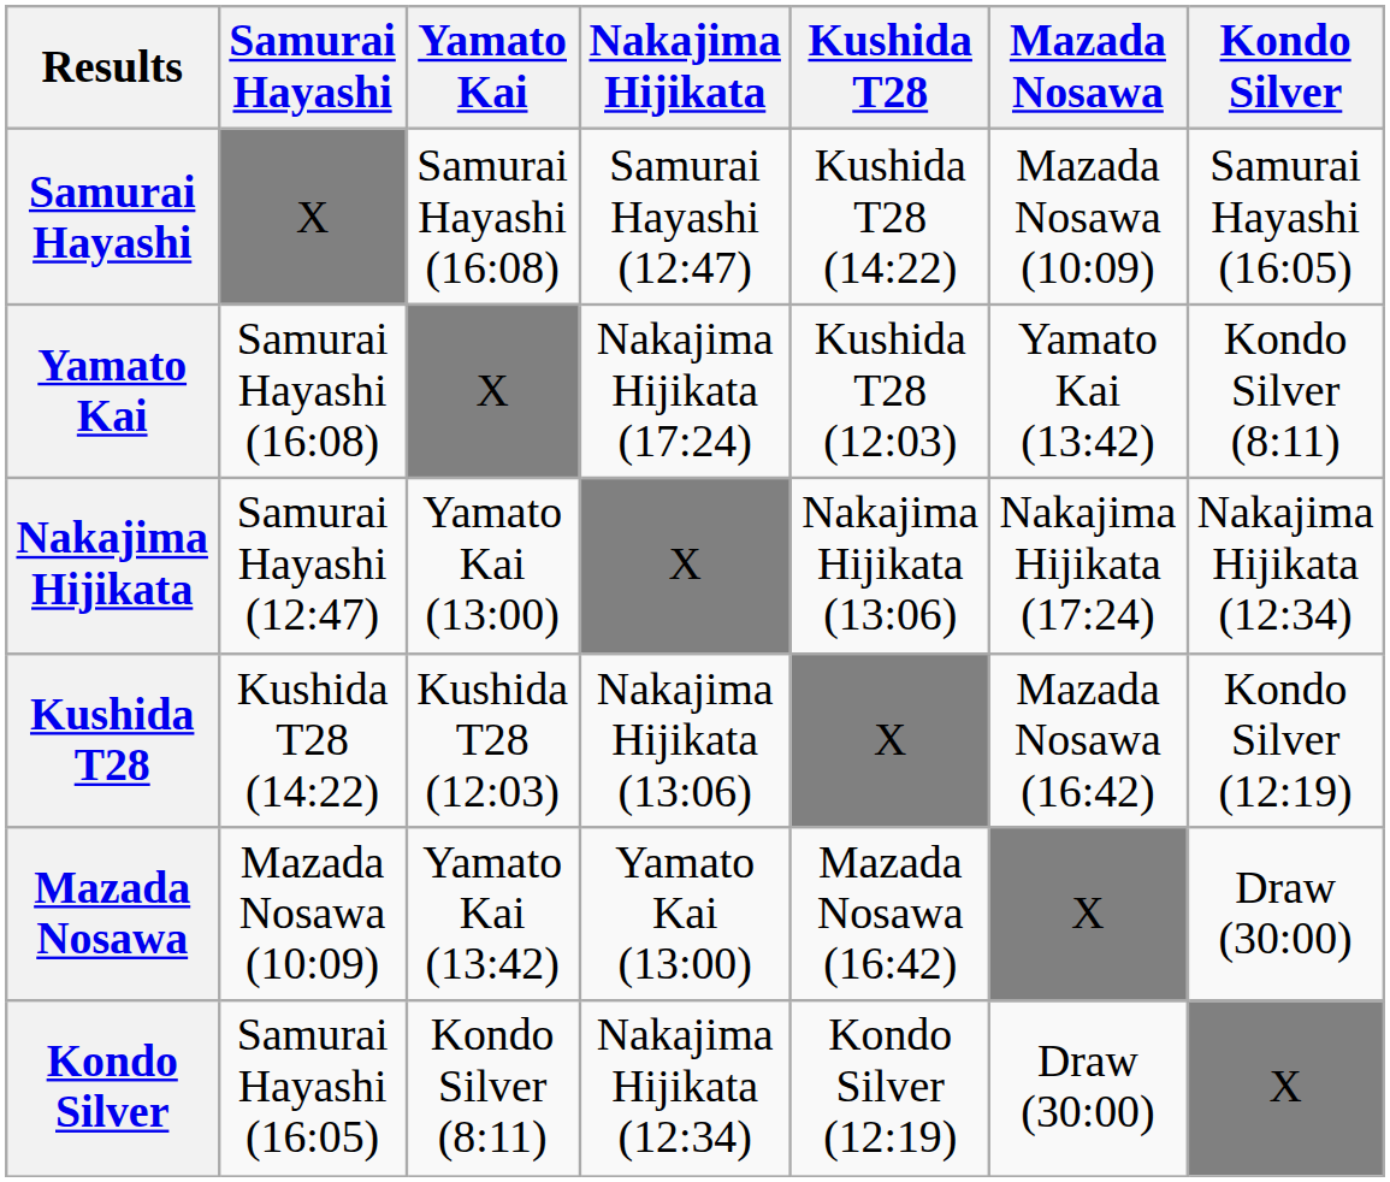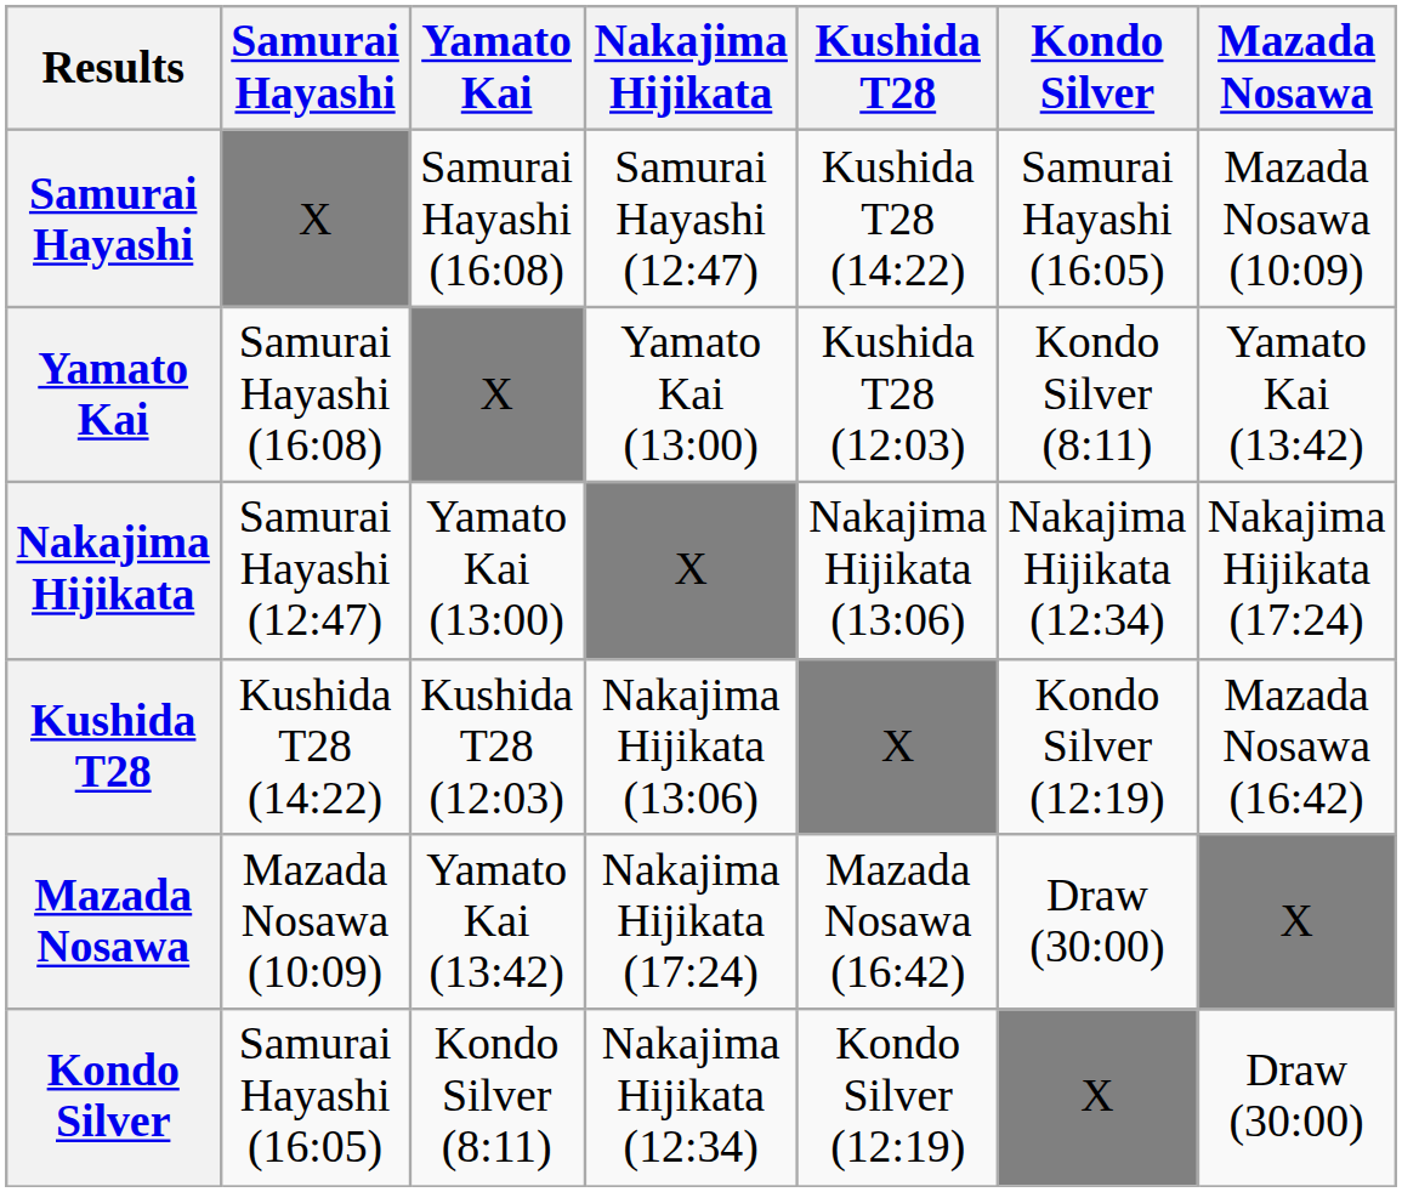 <table class="wikitable" style="text-align:center; margin: 1em auto 1em auto">
 <tr>
 <th>Results</th>
 <th><a href='#'>Samurai</a><br><a href='#'>Hayashi</a></th>
 <th><a href='#'>Yamato</a><br><a href='#'>Kai</a></th>
 <th><a href='#'>Nakajima</a><br><a href='#'>Hijikata</a></th>
 <th><a href='#'>Kushida</a><br><a href='#'>T28</a></th>
+<th><a href='#'>Kondo</a><br><a href='#'>Silver</a></th>
 <th><a href='#'>Mazada</a><br><a href='#'>Nosawa</a></th>
-<th><a href='#'>Kondo</a><br><a href='#'>Silver</a></th>
 </tr>
 <tr>
 <th><a href='#'>Samurai</a><br><a href='#'>Hayashi</a></th>
 <td bgcolor=grey>X</td>
 <td>Samurai<br>Hayashi<br>(16:08)</td>
 <td>Samurai<br>Hayashi<br>(12:47)</td>
 <td>Kushida<br>T28<br>(14:22)</td>
+<td>Samurai<br>Hayashi<br>(16:05)</td>
 <td>Mazada<br>Nosawa<br>(10:09)</td>
-<td>Samurai<br>Hayashi<br>(16:05)</td>
 </tr>
 <tr>
 <th><a href='#'>Yamato</a><br><a href='#'>Kai</a></th>
 <td>Samurai<br>Hayashi<br>(16:08)</td>
 <td bgcolor=grey>X</td>
-<td>Nakajima<br>Hijikata<br>(17:24)</td>
+<td>Yamato<br>Kai<br>(13:00)</td>
 <td>Kushida<br>T28<br>(12:03)</td>
+<td>Kondo<br>Silver<br>(8:11)</td>
 <td>Yamato<br>Kai<br>(13:42)</td>
-<td>Kondo<br>Silver<br>(8:11)</td>
 </tr>
 <tr>
 <th><a href='#'>Nakajima</a><br><a href='#'>Hijikata</a></th>
 <td>Samurai<br>Hayashi<br>(12:47)</td>
 <td>Yamato<br>Kai<br>(13:00)</td>
 <td bgcolor=grey>X</td>
 <td>Nakajima<br>Hijikata<br>(13:06)</td>
+<td>Nakajima<br>Hijikata<br>(12:34)</td>
 <td>Nakajima<br>Hijikata<br>(17:24)</td>
-<td>Nakajima<br>Hijikata<br>(12:34)</td>
 </tr>
 <tr>
 <th><a href='#'>Kushida</a><br><a href='#'>T28</a></th>
 <td>Kushida<br>T28<br>(14:22)</td>
 <td>Kushida<br>T28<br>(12:03)</td>
 <td>Nakajima<br>Hijikata<br>(13:06)</td>
 <td bgcolor=grey>X</td>
+<td>Kondo<br>Silver<br>(12:19)</td>
 <td>Mazada<br>Nosawa<br>(16:42)</td>
-<td>Kondo<br>Silver<br>(12:19)</td>
 </tr>
 <tr>
 <th><a href='#'>Mazada</a><br><a href='#'>Nosawa</a></th>
 <td>Mazada<br>Nosawa<br>(10:09)</td>
 <td>Yamato<br>Kai<br>(13:42)</td>
-<td>Yamato<br>Kai<br>(13:00)</td>
+<td>Nakajima<br>Hijikata<br>(17:24)</td>
 <td>Mazada<br>Nosawa<br>(16:42)</td>
+<td>Draw<br>(30:00)</td>
 <td bgcolor=grey>X</td>
-<td>Draw<br>(30:00)</td>
 </tr>
 <tr>
 <th><a href='#'>Kondo</a><br><a href='#'>Silver</a></th>
 <td>Samurai<br>Hayashi<br>(16:05)</td>
 <td>Kondo<br>Silver<br>(8:11)</td>
 <td>Nakajima<br>Hijikata<br>(12:34)</td>
 <td>Kondo<br>Silver<br>(12:19)</td>
+<td bgcolor=grey>X</td>
 <td>Draw<br>(30:00)</td>
-<td bgcolor=grey>X</td>
 </tr>
 </table>
